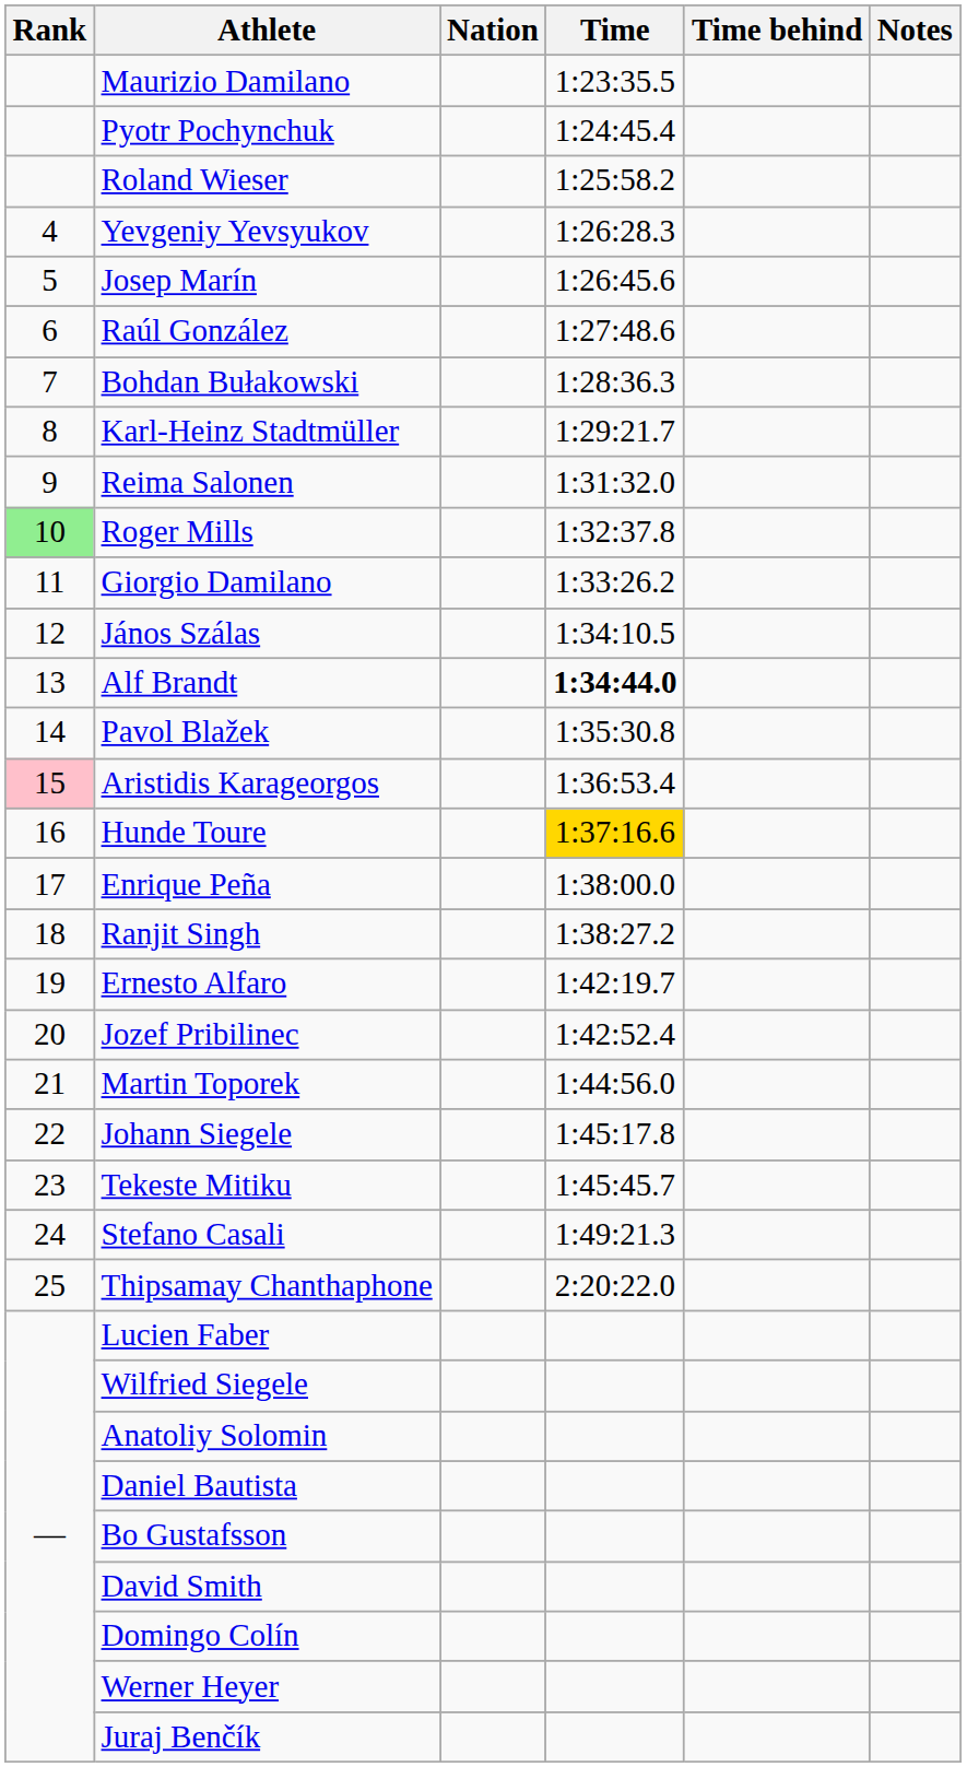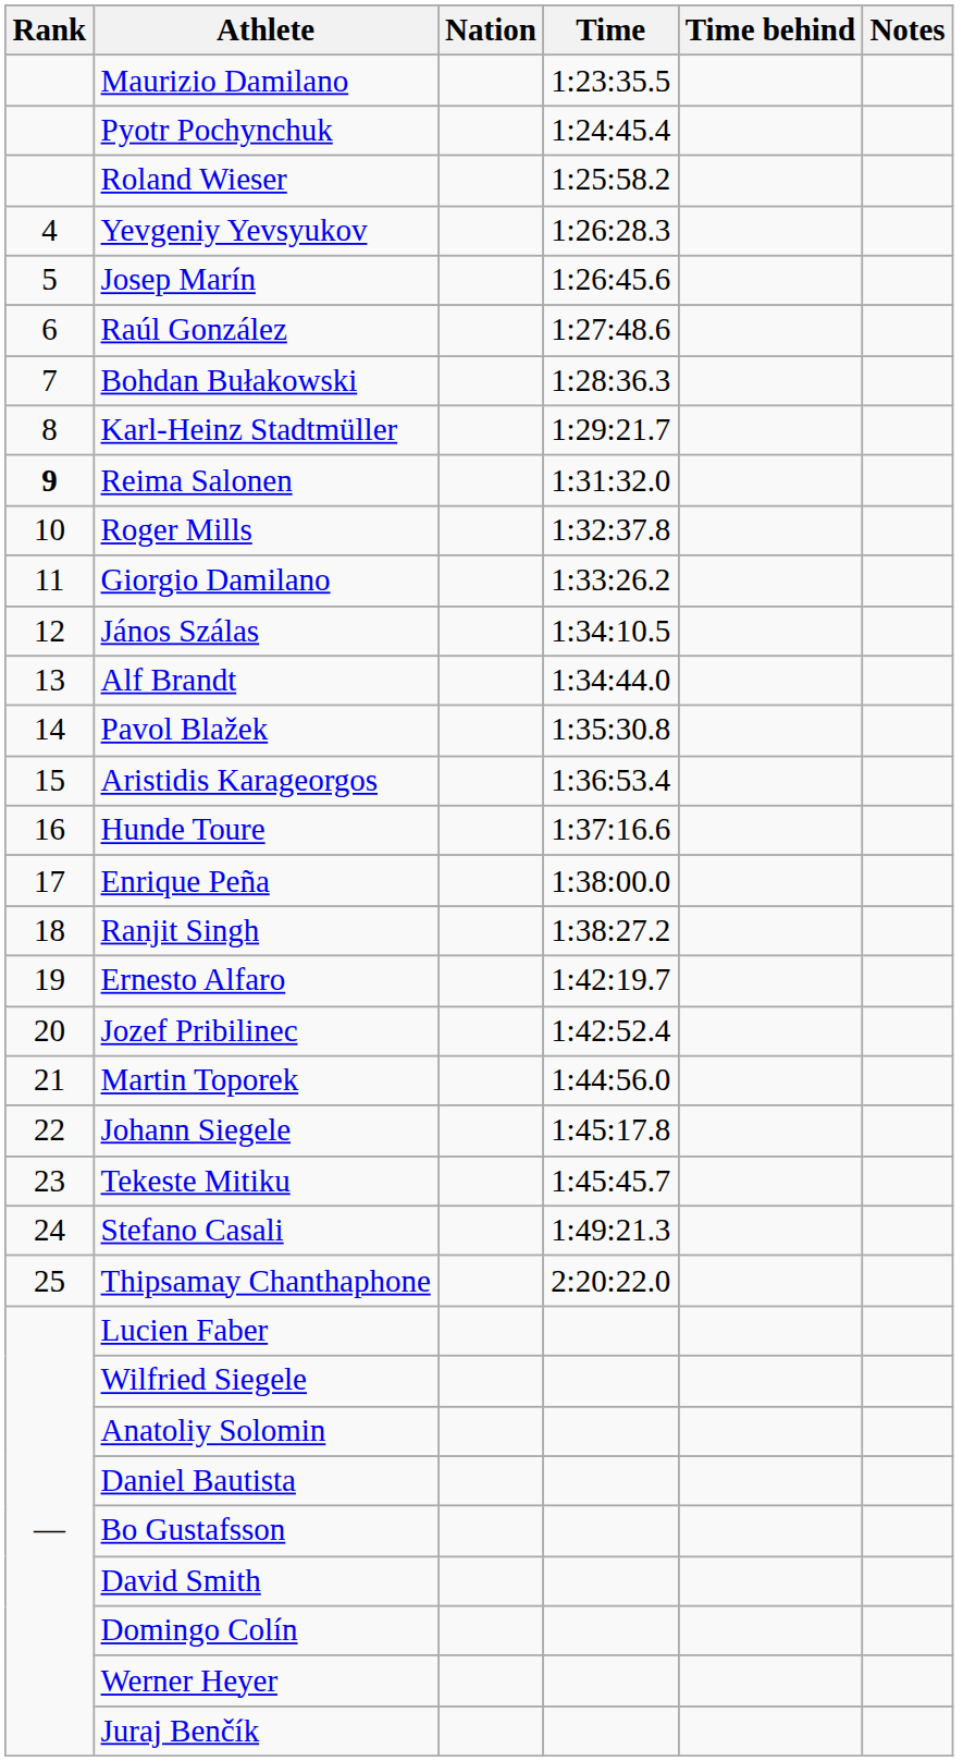 <table class="wikitable sortable" style="text-align:center">
 <tr>
 <th>Rank</th>
 <th>Athlete</th>
 <th>Nation</th>
 <th>Time</th>
 <th>Time behind</th>
 <th>Notes</th>
 </tr>
 <tr>
 <td></td>
 <td align=left><a href='#'>Maurizio Damilano</a></td>
 <td align=left></td>
 <td>1:23:35.5</td>
 <td></td>
 <td></td>
 </tr>
 <tr>
 <td></td>
 <td align=left><a href='#'>Pyotr Pochynchuk</a></td>
 <td align=left></td>
 <td>1:24:45.4</td>
 <td></td>
 <td></td>
 </tr>
 <tr>
 <td></td>
 <td align=left><a href='#'>Roland Wieser</a></td>
 <td align=left></td>
 <td>1:25:58.2</td>
 <td></td>
 <td></td>
 </tr>
 <tr>
 <td>4</td>
 <td align=left><a href='#'>Yevgeniy Yevsyukov</a></td>
 <td align=left></td>
 <td>1:26:28.3</td>
 <td></td>
 <td></td>
 </tr>
 <tr>
 <td>5</td>
 <td align=left><a href='#'>Josep Marín</a></td>
 <td align=left></td>
 <td>1:26:45.6</td>
 <td></td>
 <td></td>
 </tr>
 <tr>
 <td>6</td>
 <td align=left><a href='#'>Raúl González</a></td>
 <td align=left></td>
 <td>1:27:48.6</td>
 <td></td>
 <td></td>
 </tr>
 <tr>
 <td>7</td>
 <td align=left><a href='#'>Bohdan Bułakowski</a></td>
 <td align=left></td>
 <td>1:28:36.3</td>
 <td></td>
 <td></td>
 </tr>
 <tr>
 <td>8</td>
 <td align=left><a href='#'>Karl-Heinz Stadtmüller</a></td>
 <td align=left></td>
 <td>1:29:21.7</td>
 <td></td>
 <td></td>
 </tr>
 <tr>
-<td>9</td>
+<td><strong>9</strong></td>
 <td align=left><a href='#'>Reima Salonen</a></td>
 <td align=left></td>
 <td>1:31:32.0</td>
 <td></td>
 <td></td>
 </tr>
 <tr>
-<td style="background: lightgreen;">10</td>
+<td>10</td>
 <td align=left><a href='#'>Roger Mills</a></td>
 <td align=left></td>
 <td>1:32:37.8</td>
 <td></td>
 <td></td>
 </tr>
 <tr>
 <td>11</td>
 <td align=left><a href='#'>Giorgio Damilano</a></td>
 <td align=left></td>
 <td>1:33:26.2</td>
 <td></td>
 <td></td>
 </tr>
 <tr>
 <td>12</td>
 <td align=left><a href='#'>János Szálas</a></td>
 <td align=left></td>
 <td>1:34:10.5</td>
 <td></td>
 <td></td>
 </tr>
 <tr>
 <td>13</td>
 <td align=left><a href='#'>Alf Brandt</a></td>
 <td align=left></td>
-<td><strong>1:34:44.0</strong></td>
+<td>1:34:44.0</td>
 <td></td>
 <td></td>
 </tr>
 <tr>
 <td>14</td>
 <td align=left><a href='#'>Pavol Blažek</a></td>
 <td align=left></td>
 <td>1:35:30.8</td>
 <td></td>
 <td></td>
 </tr>
 <tr>
-<td style="background: pink;">15</td>
+<td>15</td>
 <td align=left><a href='#'>Aristidis Karageorgos</a></td>
 <td align=left></td>
 <td>1:36:53.4</td>
 <td></td>
 <td></td>
 </tr>
 <tr>
 <td>16</td>
 <td align=left><a href='#'>Hunde Toure</a></td>
 <td align=left></td>
-<td style="background: gold;">1:37:16.6</td>
+<td>1:37:16.6</td>
 <td></td>
 <td></td>
 </tr>
 <tr>
 <td>17</td>
 <td align=left><a href='#'>Enrique Peña</a></td>
 <td align=left></td>
 <td>1:38:00.0</td>
 <td></td>
 <td></td>
 </tr>
 <tr>
 <td>18</td>
 <td align=left><a href='#'>Ranjit Singh</a></td>
 <td align=left></td>
 <td>1:38:27.2</td>
 <td></td>
 <td></td>
 </tr>
 <tr>
 <td>19</td>
 <td align=left><a href='#'>Ernesto Alfaro</a></td>
 <td align=left></td>
 <td>1:42:19.7</td>
 <td></td>
 <td></td>
 </tr>
 <tr>
 <td>20</td>
 <td align=left><a href='#'>Jozef Pribilinec</a></td>
 <td align=left></td>
 <td>1:42:52.4</td>
 <td></td>
 <td></td>
 </tr>
 <tr>
 <td>21</td>
 <td align=left><a href='#'>Martin Toporek</a></td>
 <td align=left></td>
 <td>1:44:56.0</td>
 <td></td>
 <td></td>
 </tr>
 <tr>
 <td>22</td>
 <td align=left><a href='#'>Johann Siegele</a></td>
 <td align=left></td>
 <td>1:45:17.8</td>
 <td></td>
 <td></td>
 </tr>
 <tr>
 <td>23</td>
 <td align=left><a href='#'>Tekeste Mitiku</a></td>
 <td align=left></td>
 <td>1:45:45.7</td>
 <td></td>
 <td></td>
 </tr>
 <tr>
 <td>24</td>
 <td align=left><a href='#'>Stefano Casali</a></td>
 <td align=left></td>
 <td>1:49:21.3</td>
 <td></td>
 <td></td>
 </tr>
 <tr>
 <td>25</td>
 <td align=left><a href='#'>Thipsamay Chanthaphone</a></td>
 <td align=left></td>
 <td>2:20:22.0</td>
 <td></td>
 <td></td>
 </tr>
 <tr>
 <td rowspan="9">—</td>
 <td align=left><a href='#'>Lucien Faber</a></td>
 <td align=left></td>
 <td></td>
 <td></td>
 <td></td>
 </tr>
 <tr>
 <td align=left><a href='#'>Wilfried Siegele</a></td>
 <td align=left></td>
 <td></td>
 <td></td>
 <td></td>
 </tr>
 <tr>
 <td align=left><a href='#'>Anatoliy Solomin</a></td>
 <td align=left></td>
 <td></td>
 <td></td>
 <td></td>
 </tr>
 <tr>
 <td align=left><a href='#'>Daniel Bautista</a></td>
 <td align=left></td>
 <td></td>
 <td></td>
 <td></td>
 </tr>
 <tr>
 <td align=left><a href='#'>Bo Gustafsson</a></td>
 <td align=left></td>
 <td></td>
 <td></td>
 <td></td>
 </tr>
 <tr>
 <td align=left><a href='#'>David Smith</a></td>
 <td align=left></td>
 <td></td>
 <td></td>
 <td></td>
 </tr>
 <tr>
 <td align=left><a href='#'>Domingo Colín</a></td>
 <td align=left></td>
 <td></td>
 <td></td>
 <td></td>
 </tr>
 <tr>
 <td align=left><a href='#'>Werner Heyer</a></td>
 <td align=left></td>
 <td></td>
 <td></td>
 <td></td>
 </tr>
 <tr>
 <td align=left><a href='#'>Juraj Benčík</a></td>
 <td align=left></td>
 <td></td>
 <td></td>
 <td></td>
 </tr>
 </table>
